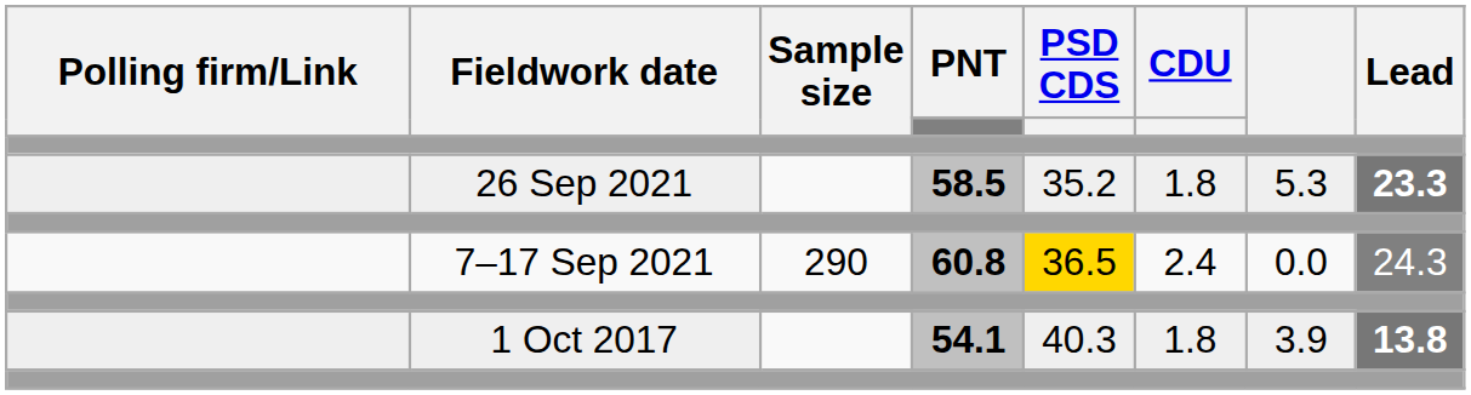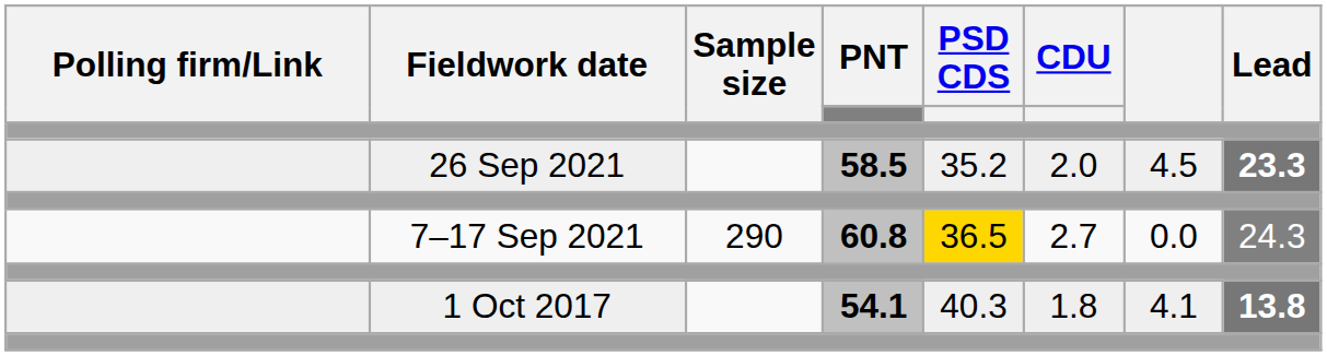 <table class="wikitable sortable mw-datatable" style="text-align:center;font-size:90%;line-height:16px;">
 <tr style="height:42px;">
 <th style="width:145px;" rowspan="2">Polling firm/Link</th>
 <th style="width:125px;" rowspan="2">Fieldwork date</th>
 <th class="unsortable" style="width:50px;" rowspan="2">Sample size</th>
 <th class="unsortable" style="width:35px;">PNT</th>
 <th class="unsortable" style="width:35px;"><a href='#'>PSD</a><br><a href='#'>CDS</a></th>
 <th class="unsortable" style="width:35px;"><a href='#'>CDU</a></th>
 <th class="unsortable" style="width:35px;" rowspan="2"></th>
 <th class="unsortable" style="width:30px;" rowspan="2">Lead</th>
 </tr>
 <tr>
 <th class="unsortable" style="color:inherit;background:gray;"></th>
 <th class="unsortable" style="color:inherit;background:"></th>
 <th class="unsortable" style="color:inherit;background:"></th>
 </tr>
 <tr>
 <td colspan="12" style="background:#A0A0A0"></td>
 </tr>
 <tr>
 <td style="background:#EFEFEF;"><strong></strong></td>
 <td style="background:#EFEFEF;" data-sort-value="2019-10-06">26 Sep 2021</td>
 <td></td>
 <td style="background:#C0C0C0"><strong>58.5</strong><br></td>
 <td style="background:#EFEFEF;">35.2<br></td>
-<td style="background:#EFEFEF;">1.8<br></td>
-<td style="background:#EFEFEF;">5.3</td>
+<td style="background:#EFEFEF;">2.0<br></td>
+<td style="background:#EFEFEF;">4.5</td>
 <td style="background:#777777; color:white;"><strong>23.3</strong></td>
 </tr>
 <tr>
 <td colspan="12" style="background:#A0A0A0"></td>
 </tr>
 <tr>
 <td align="center"></td>
 <td align="center">7–17 Sep 2021</td>
 <td align="center">290</td>
 <td style="background:#C0C0C0"><strong>60.8</strong></td>
 <td align="center" style="background: gold;">36.5</td>
-<td align="center">2.4</td>
+<td align="center">2.7</td>
 <td align="center">0.0</td>
 <td style="background:gray; color:white;">24.3</td>
 </tr>
 <tr>
 <td colspan="12" style="background:#A0A0A0"></td>
 </tr>
 <tr>
 <td style="background:#EFEFEF;"><strong></strong></td>
 <td style="background:#EFEFEF;" data-sort-value="2019-10-06">1 Oct 2017</td>
 <td></td>
 <td style="background:#C0C0C0"><strong>54.1</strong><br></td>
 <td style="background:#EFEFEF;">40.3<br></td>
 <td style="background:#EFEFEF;">1.8<br></td>
-<td style="background:#EFEFEF;">3.9</td>
+<td style="background:#EFEFEF;">4.1</td>
 <td style="background:#777777; color:white;"><strong>13.8</strong></td>
 </tr>
 <tr>
 <td colspan="12" style="background:#A0A0A0"></td>
 </tr>
 </table>
